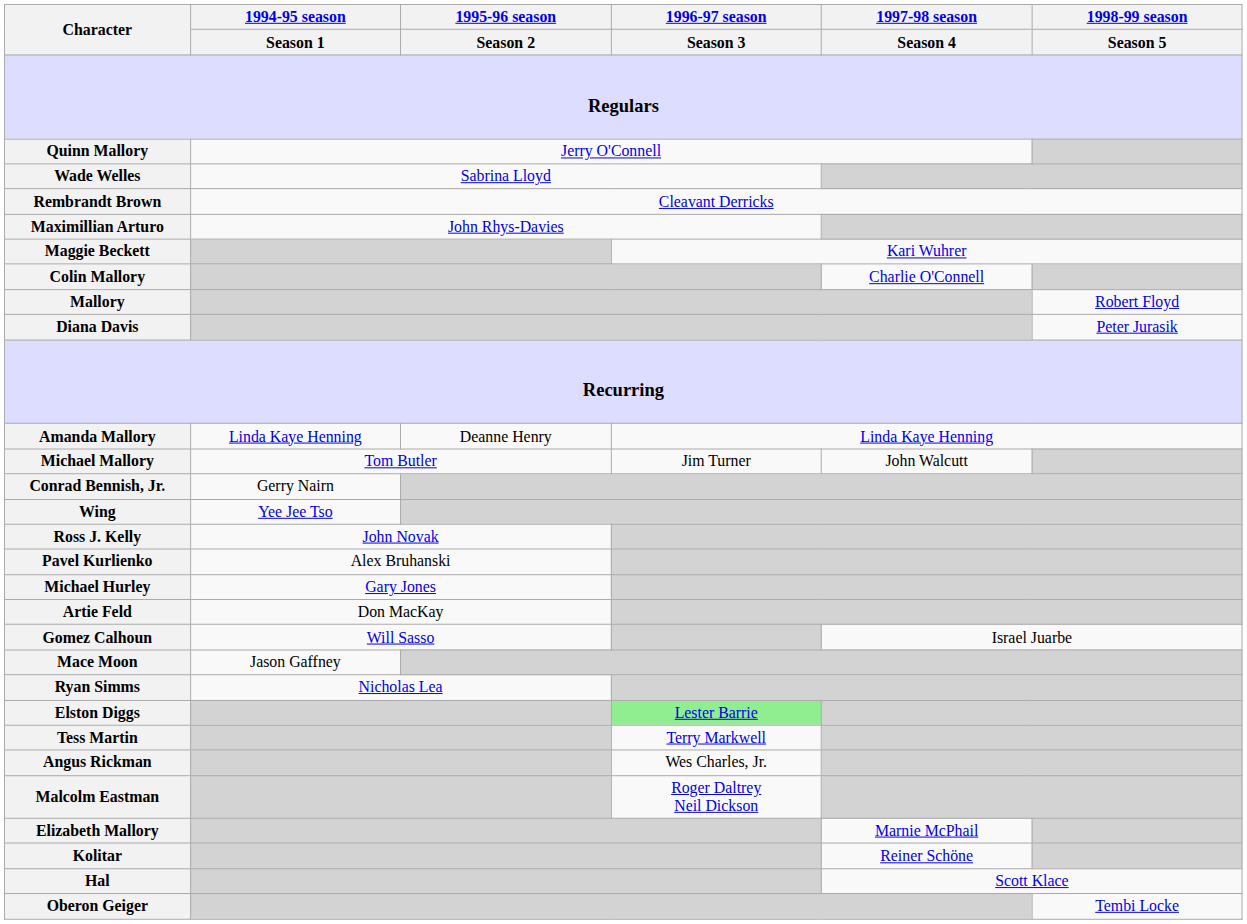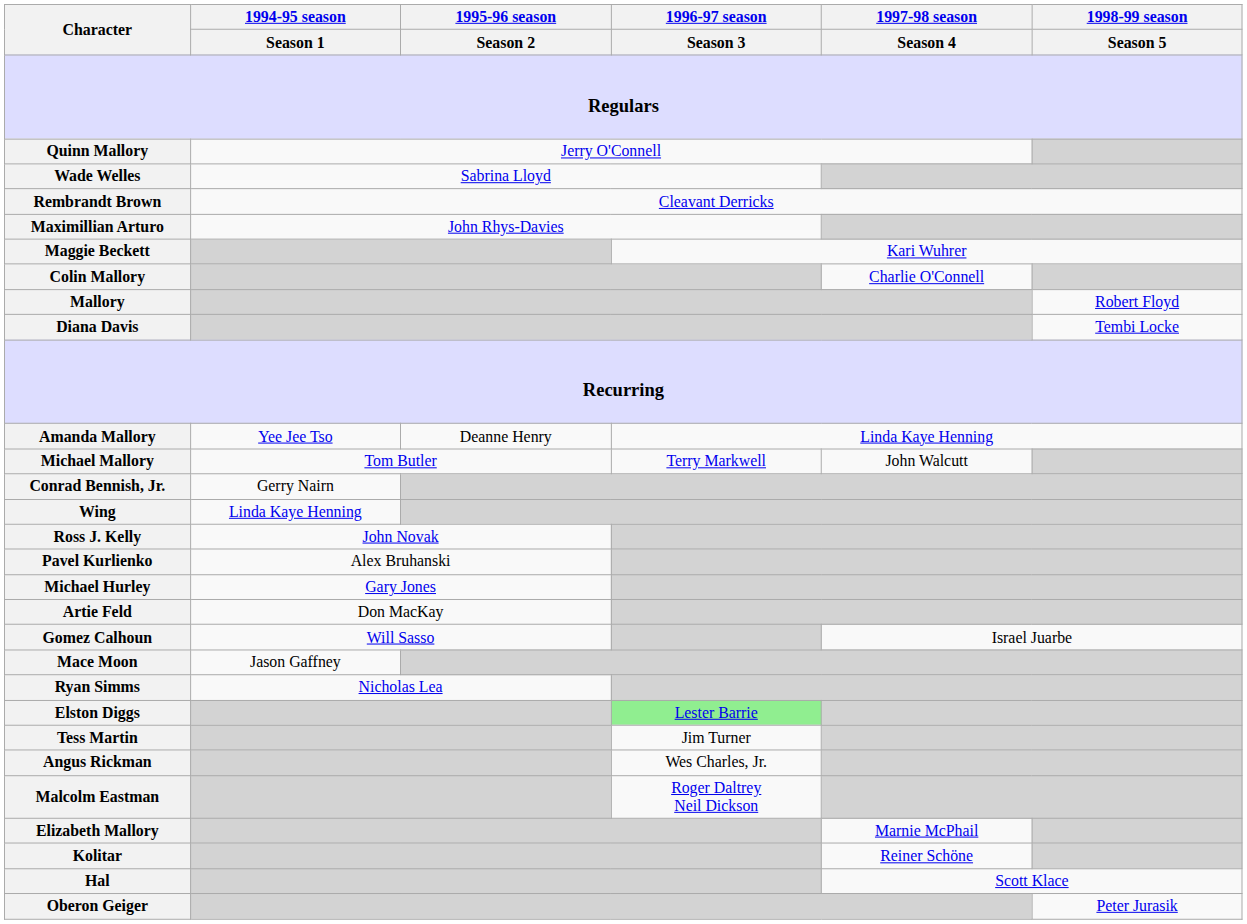 <table class="wikitable" style="text-align:center; width:99%;">
 <tr>
 <th rowspan="2" style="width:15%;">Character</th>
 <th><a href='#'>1994-95 season</a></th>
 <th><a href='#'>1995-96 season</a></th>
 <th><a href='#'>1996-97 season</a></th>
 <th><a href='#'>1997-98 season</a></th>
 <th><a href='#'>1998-99 season</a></th>
 </tr>
 <tr>
 <th style="width:17%;">Season 1</th>
 <th style="width:17%;">Season 2</th>
 <th style="width:17%;">Season 3</th>
 <th style="width:17%;">Season 4</th>
 <th style="width:17%;">Season 5</th>
 </tr>
 <tr>
 <th scope="row" colspan="8" style="background-color:#ddf;"><br><h3>Regulars</h3></th>
 </tr>
 <tr>
 <th scope="row">Quinn Mallory</th>
 <td colspan="4"><a href='#'>Jerry O'Connell</a></td>
 <td style="background-color:lightgrey;"> </td>
 </tr>
 <tr>
 <th scope="row">Wade Welles</th>
 <td colspan="3"><a href='#'>Sabrina Lloyd</a></td>
 <td colspan="2" style="background-color:lightgrey;"> </td>
 </tr>
 <tr>
 <th scope="row">Rembrandt Brown</th>
 <td colspan="5"><a href='#'>Cleavant Derricks</a></td>
 </tr>
 <tr>
 <th scope="row">Maximillian Arturo</th>
 <td colspan="3"><a href='#'>John Rhys-Davies</a></td>
 <td colspan="2" style="background-color:lightgrey;"> </td>
 </tr>
 <tr>
 <th scope="row">Maggie Beckett</th>
 <td colspan="2" style="background-color:lightgrey;"> </td>
 <td colspan="3"><a href='#'>Kari Wuhrer</a></td>
 </tr>
 <tr>
 <th scope="row">Colin Mallory</th>
 <td colspan="3" style="background-color:lightgrey;"> </td>
 <td><a href='#'>Charlie O'Connell</a></td>
 <td style="background-color:lightgrey;"> </td>
 </tr>
 <tr>
 <th scope="row">Mallory</th>
 <td colspan="4" style="background-color:lightgrey;"> </td>
 <td><a href='#'>Robert Floyd</a></td>
 </tr>
 <tr>
 <th scope="row">Diana Davis</th>
 <td colspan="4" style="background-color:lightgrey;"> </td>
-<td><a href='#'>Peter Jurasik</a></td>
+<td><a href='#'>Tembi Locke</a></td>
 </tr>
 <tr>
 <th scope="row" colspan="8" style="background-color:#ddf;"><br><h3>Recurring</h3></th>
 </tr>
 <tr>
 <th scope="row">Amanda Mallory</th>
-<td><a href='#'>Linda Kaye Henning</a></td>
+<td><a href='#'>Yee Jee Tso</a></td>
 <td>Deanne Henry</td>
 <td colspan="3"><a href='#'>Linda Kaye Henning</a></td>
 </tr>
 <tr>
 <th scope="row">Michael Mallory</th>
 <td colspan="2"><a href='#'>Tom Butler</a></td>
-<td>Jim Turner</td>
+<td><a href='#'>Terry Markwell</a></td>
 <td>John Walcutt</td>
 <td style="background-color:lightgrey;"> </td>
 </tr>
 <tr>
 <th scope="row">Conrad Bennish, Jr.</th>
 <td>Gerry Nairn</td>
 <td colspan="4" style="background-color:lightgrey;"> </td>
 </tr>
 <tr>
 <th scope="row">Wing</th>
-<td><a href='#'>Yee Jee Tso</a></td>
+<td><a href='#'>Linda Kaye Henning</a></td>
 <td colspan="4" style="background-color:lightgrey;"> </td>
 </tr>
 <tr>
 <th scope="row">Ross J. Kelly</th>
 <td colspan="2"><a href='#'>John Novak</a></td>
 <td colspan="3" style="background-color:lightgrey;"> </td>
 </tr>
 <tr>
 <th scope="row">Pavel Kurlienko</th>
 <td colspan="2">Alex Bruhanski</td>
 <td colspan="3" style="background-color:lightgrey;"> </td>
 </tr>
 <tr>
 <th scope="row">Michael Hurley</th>
 <td colspan="2"><a href='#'>Gary Jones</a></td>
 <td colspan="3" style="background-color:lightgrey;"> </td>
 </tr>
 <tr>
 <th scope="row">Artie Feld</th>
 <td colspan="2">Don MacKay</td>
 <td colspan="3" style="background-color:lightgrey;"> </td>
 </tr>
 <tr>
 <th scope="row">Gomez Calhoun</th>
 <td colspan="2"><a href='#'>Will Sasso</a></td>
 <td style="background-color:lightgrey;"> </td>
 <td colspan="2">Israel Juarbe</td>
 </tr>
 <tr>
 <th scope="row">Mace Moon</th>
 <td>Jason Gaffney</td>
 <td colspan="4" style="background-color:lightgrey;"> </td>
 </tr>
 <tr>
 <th scope="row">Ryan Simms</th>
 <td colspan="2"><a href='#'>Nicholas Lea</a></td>
 <td colspan="3" style="background-color:lightgrey;"> </td>
 </tr>
 <tr>
 <th scope="row">Elston Diggs</th>
 <td colspan="2" style="background-color:lightgrey;"> </td>
 <td style="background: lightgreen;"><a href='#'>Lester Barrie</a></td>
 <td colspan="2" style="background-color:lightgrey;"> </td>
 </tr>
 <tr>
 <th scope="row">Tess Martin</th>
 <td colspan="2" style="background-color:lightgrey;"> </td>
-<td><a href='#'>Terry Markwell</a></td>
+<td>Jim Turner</td>
 <td colspan="2" style="background-color:lightgrey;"> </td>
 </tr>
 <tr>
 <th scope="row">Angus Rickman</th>
 <td colspan="2" style="background-color:lightgrey;"> </td>
 <td>Wes Charles, Jr.</td>
 <td colspan="2" style="background-color:lightgrey;"> </td>
 </tr>
 <tr>
 <th scope="row">Malcolm Eastman</th>
 <td colspan="2" style="background-color:lightgrey;"> </td>
 <td><a href='#'>Roger Daltrey</a><br><a href='#'>Neil Dickson</a></td>
 <td colspan="2" style="background-color:lightgrey;"> </td>
 </tr>
 <tr>
 <th scope="row">Elizabeth Mallory</th>
 <td colspan="3" style="background-color:lightgrey;"> </td>
 <td><a href='#'>Marnie McPhail</a></td>
 <td style="background-color:lightgrey;"> </td>
 </tr>
 <tr>
 <th scope="row">Kolitar</th>
 <td colspan="3" style="background-color:lightgrey;"> </td>
 <td><a href='#'>Reiner Schöne</a></td>
 <td style="background-color:lightgrey;"> </td>
 </tr>
 <tr>
 <th scope="row">Hal</th>
 <td colspan="3" style="background-color:lightgrey;"> </td>
 <td colspan="2"><a href='#'>Scott Klace</a></td>
 </tr>
 <tr>
 <th scope="row">Oberon Geiger</th>
 <td colspan="4" style="background-color:lightgrey;"> </td>
-<td><a href='#'>Tembi Locke</a></td>
+<td><a href='#'>Peter Jurasik</a></td>
 </tr>
 </table>
